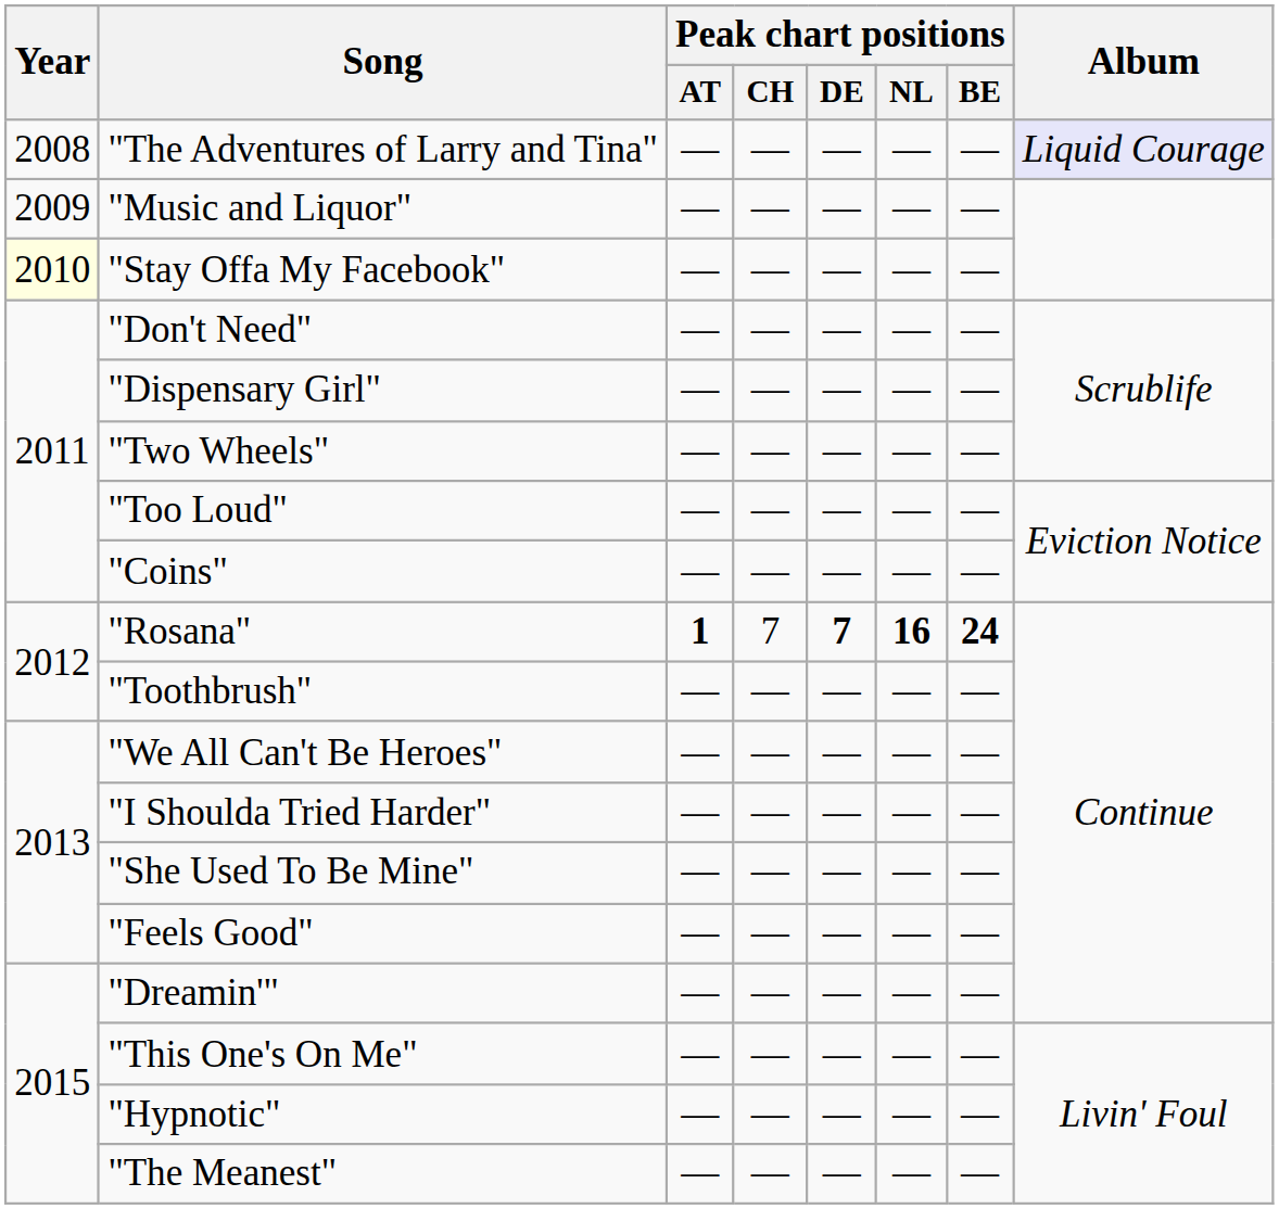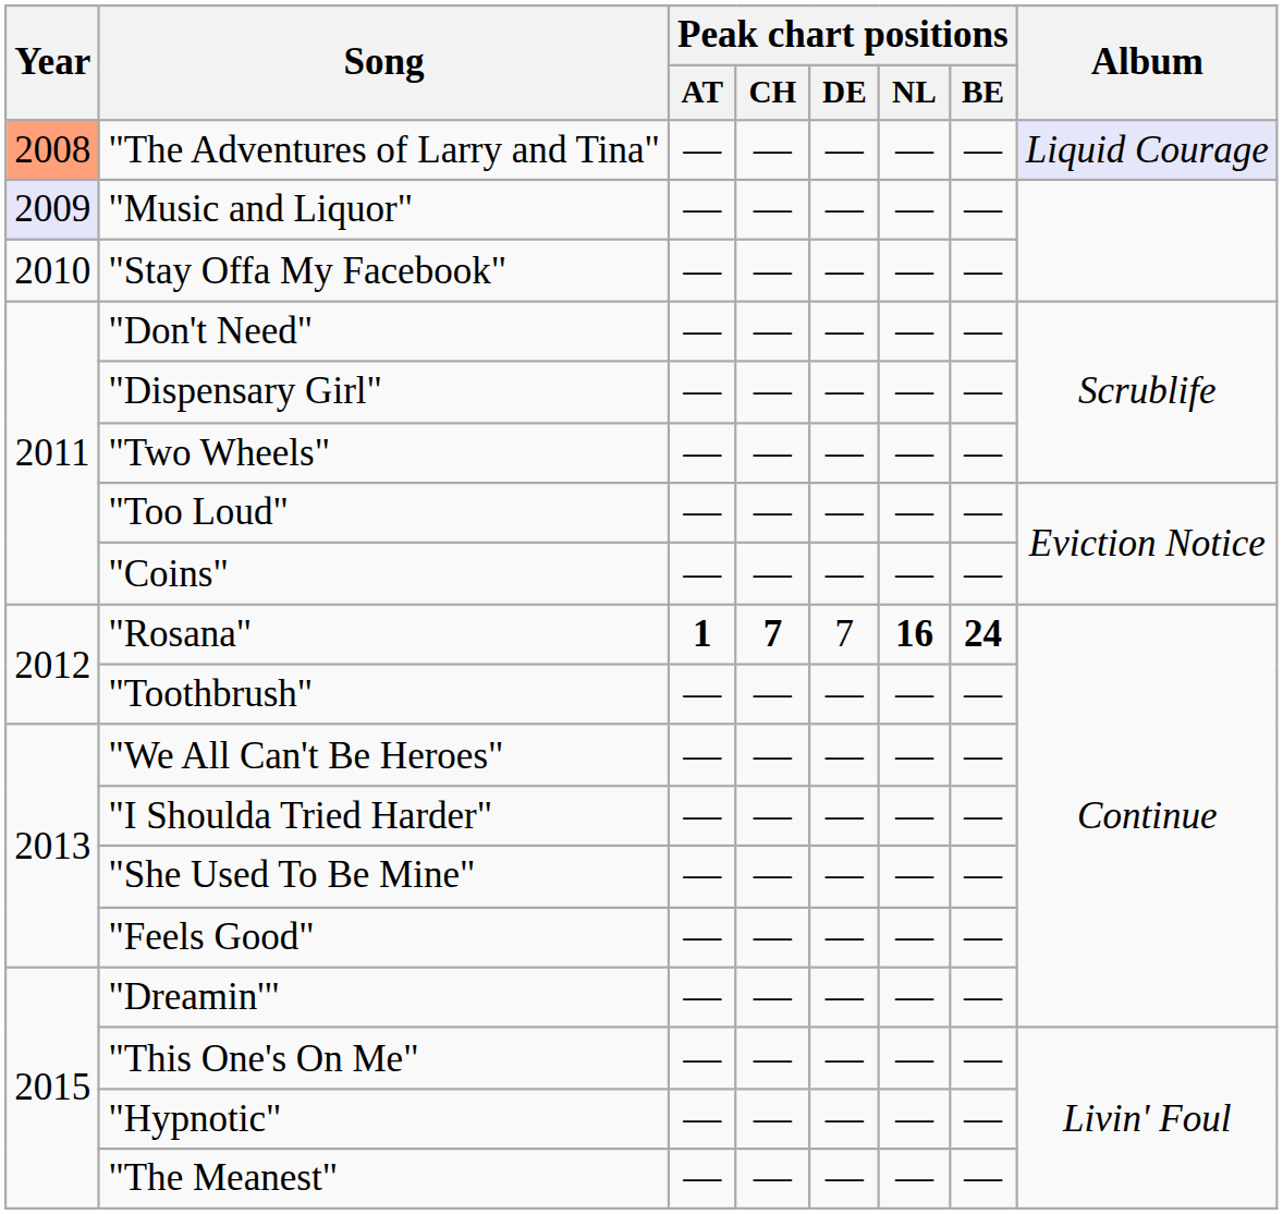 <table class="wikitable" style="text-align:center;">
 <tr>
 <th rowspan="2">Year</th>
 <th rowspan="2">Song</th>
 <th colspan="5">Peak chart positions</th>
 <th rowspan="2">Album</th>
 </tr>
 <tr style="font-size:smaller;">
 <th>AT</th>
 <th>CH</th>
 <th>DE</th>
 <th>NL</th>
 <th>BE</th>
 </tr>
 <tr>
-<td>2008</td>
+<td style="background: lightsalmon;">2008</td>
 <td align="left">"The Adventures of Larry and Tina"</td>
 <td>—</td>
 <td>—</td>
 <td>—</td>
 <td>—</td>
 <td>—</td>
 <td style="background: lavender;"><em>Liquid Courage</em></td>
 </tr>
 <tr>
-<td>2009</td>
+<td style="background: lavender;">2009</td>
 <td align="left">"Music and Liquor"</td>
 <td>—</td>
 <td>—</td>
 <td>—</td>
 <td>—</td>
 <td>—</td>
 <td rowspan="2"></td>
 </tr>
 <tr>
-<td style="background: lightyellow;">2010</td>
+<td>2010</td>
 <td align="left">"Stay Offa My Facebook"</td>
 <td>—</td>
 <td>—</td>
 <td>—</td>
 <td>—</td>
 <td>—</td>
 </tr>
 <tr>
 <td rowspan="5">2011</td>
 <td align="left">"Don't Need"</td>
 <td>—</td>
 <td>—</td>
 <td>—</td>
 <td>—</td>
 <td>—</td>
 <td rowspan="3"><em>Scrublife</em></td>
 </tr>
 <tr>
 <td align="left">"Dispensary Girl"</td>
 <td>—</td>
 <td>—</td>
 <td>—</td>
 <td>—</td>
 <td>—</td>
 </tr>
 <tr>
 <td align="left">"Two Wheels"</td>
 <td>—</td>
 <td>—</td>
 <td>—</td>
 <td>—</td>
 <td>—</td>
 </tr>
 <tr>
 <td align="left">"Too Loud"</td>
 <td>—</td>
 <td>—</td>
 <td>—</td>
 <td>—</td>
 <td>—</td>
 <td rowspan="2"><em>Eviction Notice</em></td>
 </tr>
 <tr>
 <td align="left">"Coins"</td>
 <td>—</td>
 <td>—</td>
 <td>—</td>
 <td>—</td>
 <td>—</td>
 </tr>
 <tr>
 <td rowspan="2">2012</td>
 <td align="left">"Rosana"</td>
 <td><strong>1</strong></td>
+<td><strong>7</strong></td>
 <td>7</td>
-<td><strong>7</strong></td>
 <td><strong>16</strong></td>
 <td><strong>24</strong></td>
 <td rowspan="7"><em>Continue</em></td>
 </tr>
 <tr>
 <td align="left">"Toothbrush"</td>
 <td>—</td>
 <td>—</td>
 <td>—</td>
 <td>—</td>
 <td>—</td>
 </tr>
 <tr>
 <td rowspan="4">2013</td>
 <td align="left">"We All Can't Be Heroes"</td>
 <td>—</td>
 <td>—</td>
 <td>—</td>
 <td>—</td>
 <td>—</td>
 </tr>
 <tr>
 <td align="left">"I Shoulda Tried Harder"</td>
 <td>—</td>
 <td>—</td>
 <td>—</td>
 <td>—</td>
 <td>—</td>
 </tr>
 <tr>
 <td align="left">"She Used To Be Mine"</td>
 <td>—</td>
 <td>—</td>
 <td>—</td>
 <td>—</td>
 <td>—</td>
 </tr>
 <tr>
 <td align="left">"Feels Good"</td>
 <td>—</td>
 <td>—</td>
 <td>—</td>
 <td>—</td>
 <td>—</td>
 </tr>
 <tr>
 <td rowspan="4">2015</td>
 <td align="left">"Dreamin'"</td>
 <td>—</td>
 <td>—</td>
 <td>—</td>
 <td>—</td>
 <td>—</td>
 </tr>
 <tr>
 <td align="left">"This One's On Me"</td>
 <td>—</td>
 <td>—</td>
 <td>—</td>
 <td>—</td>
 <td>—</td>
 <td rowspan="3"><em>Livin' Foul</em></td>
 </tr>
 <tr>
 <td align="left">"Hypnotic"</td>
 <td>—</td>
 <td>—</td>
 <td>—</td>
 <td>—</td>
 <td>—</td>
 </tr>
 <tr>
 <td align="left">"The Meanest"</td>
 <td>—</td>
 <td>—</td>
 <td>—</td>
 <td>—</td>
 <td>—</td>
 </tr>
 </table>
